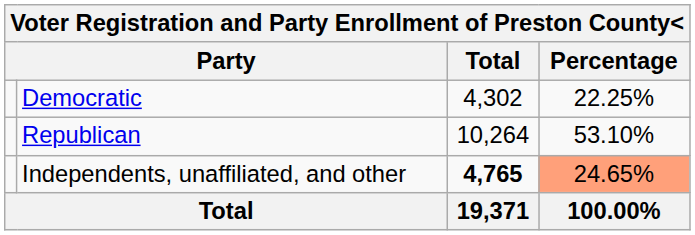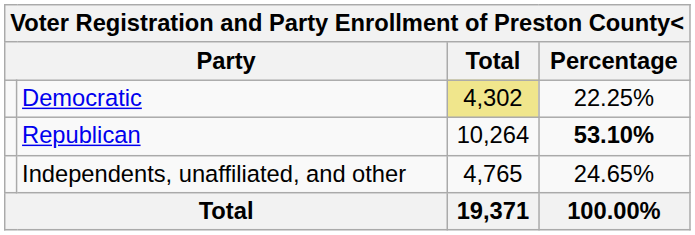 <table class=wikitable>
 <tr>
 <th colspan = 6>Voter Registration and Party Enrollment of Preston County<</th>
 </tr>
 <tr>
 <th colspan = 2>Party</th>
 <th>Total</th>
 <th>Percentage</th>
 </tr>
 <tr>
 <td></td>
 <td><a href='#'>Democratic</a></td>
-<td style="text-align:center;">4,302</td>
+<td style="background: khaki; text-align:center;">4,302</td>
 <td style="text-align:center;">22.25%</td>
 </tr>
 <tr>
 <td></td>
 <td><a href='#'>Republican</a></td>
 <td style="text-align:center;">10,264</td>
-<td style="text-align:center;">53.10%</td>
+<td style="text-align:center;"><strong>53.10%</strong></td>
 </tr>
 <tr>
 <td></td>
 <td>Independents, unaffiliated, and other</td>
-<td style="text-align:center;"><strong>4,765</strong></td>
-<td style="background: lightsalmon; text-align:center;">24.65%</td>
+<td style="text-align:center;">4,765</td>
+<td style="text-align:center;">24.65%</td>
 </tr>
 <tr>
 <th colspan = 2>Total</th>
 <th style="text-align:center;">19,371</th>
 <th style="text-align:center;">100.00%</th>
 </tr>
 </table>
